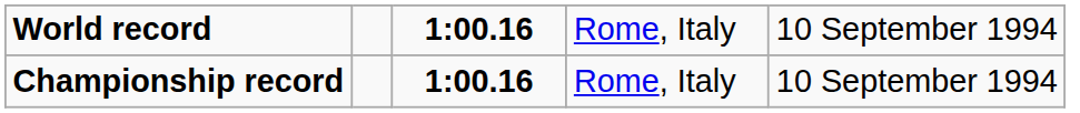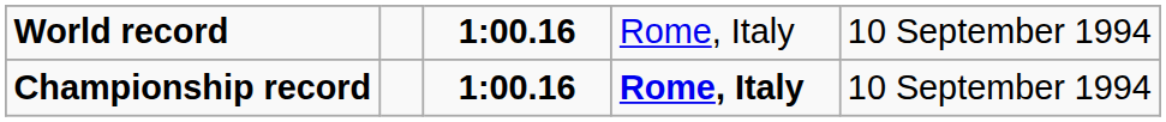 <table class="wikitable">
 <tr>
 <td><strong>World record</strong></td>
 <td style="padding-right:1em"></td>
 <td style="text-align:center;padding-left:1em; padding-right:1em;"><strong>1:00.16</strong></td>
 <td style="padding-right:1em"><a href='#'>Rome</a>, Italy</td>
 <td align=right>10 September 1994</td>
 </tr>
 <tr>
 <td><strong>Championship record</strong></td>
 <td style="padding-right:1em"></td>
 <td style="text-align:center;padding-left:1em; padding-right:1em;"><strong>1:00.16</strong></td>
-<td style="padding-right:1em"><a href='#'>Rome</a>, Italy</td>
+<td style="padding-right:1em"><strong><a href='#'>Rome</a>, Italy</strong></td>
 <td align=right>10 September 1994</td>
 </tr>
 </table>
